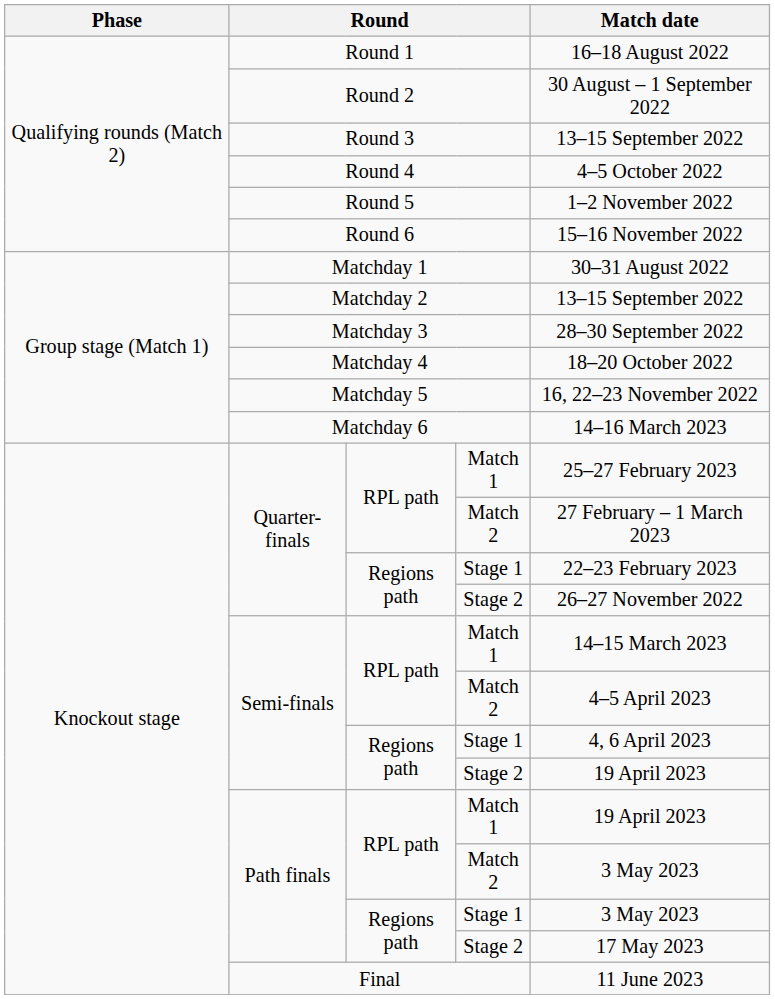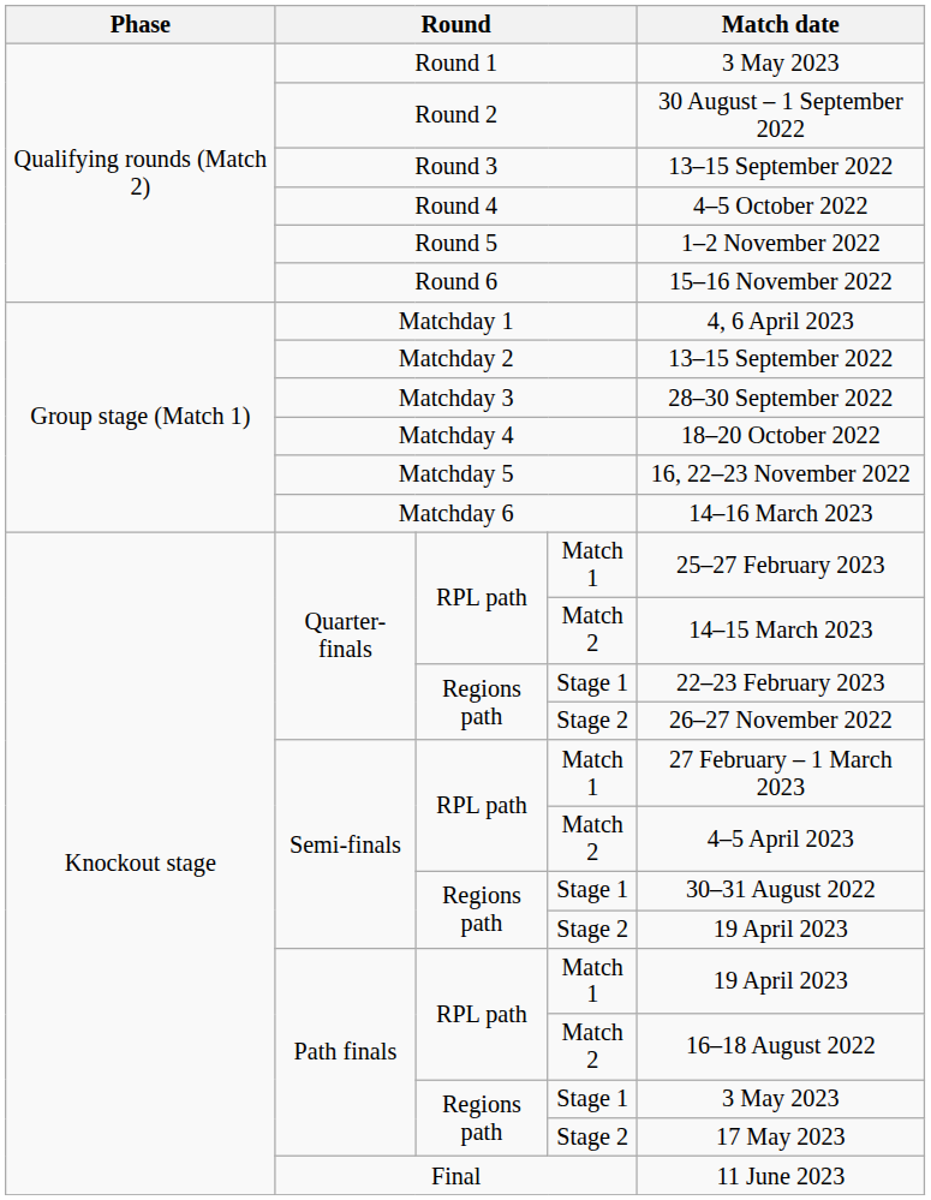 <table class="wikitable" style="text-align:center">
 <tr>
 <th>Phase</th>
 <th colspan=3>Round</th>
 <th>Match date</th>
 </tr>
 <tr>
 <td rowspan=6>Qualifying rounds (Match 2)</td>
 <td colspan=3>Round 1</td>
-<td>16–18 August 2022</td>
+<td>3 May 2023</td>
 </tr>
 <tr>
 <td colspan=3>Round 2</td>
 <td>30 August – 1 September 2022</td>
 </tr>
 <tr>
 <td colspan=3>Round 3</td>
 <td>13–15 September 2022</td>
 </tr>
 <tr>
 <td colspan=3>Round 4</td>
 <td>4–5 October 2022</td>
 </tr>
 <tr>
 <td colspan=3>Round 5</td>
 <td>1–2 November 2022</td>
 </tr>
 <tr>
 <td colspan=3>Round 6</td>
 <td>15–16 November 2022</td>
 </tr>
 <tr>
 <td rowspan=6>Group stage (Match 1)</td>
 <td colspan=3>Matchday 1</td>
-<td>30–31 August 2022</td>
+<td>4, 6 April 2023</td>
 </tr>
 <tr>
 <td colspan=3>Matchday 2</td>
 <td>13–15 September 2022</td>
 </tr>
 <tr>
 <td colspan=3>Matchday 3</td>
 <td>28–30 September 2022</td>
 </tr>
 <tr>
 <td colspan=3>Matchday 4</td>
 <td>18–20 October 2022</td>
 </tr>
 <tr>
 <td colspan=3>Matchday 5</td>
 <td>16, 22–23 November 2022</td>
 </tr>
 <tr>
 <td colspan=3>Matchday 6</td>
 <td>14–16 March 2023</td>
 </tr>
 <tr>
 <td rowspan=13>Knockout stage</td>
 <td rowspan=4>Quarter-finals</td>
 <td rowspan=2>RPL path</td>
 <td>Match 1</td>
 <td>25–27 February 2023</td>
 </tr>
 <tr>
 <td>Match 2</td>
-<td>27 February – 1 March 2023</td>
+<td>14–15 March 2023</td>
 </tr>
 <tr>
 <td rowspan=2>Regions path</td>
 <td>Stage 1</td>
 <td>22–23 February 2023</td>
 </tr>
 <tr>
 <td>Stage 2</td>
 <td>26–27 November 2022</td>
 </tr>
 <tr>
 <td rowspan=4>Semi-finals</td>
 <td rowspan=2>RPL path</td>
 <td>Match 1</td>
-<td>14–15 March 2023</td>
+<td>27 February – 1 March 2023</td>
 </tr>
 <tr>
 <td>Match 2</td>
 <td>4–5 April 2023</td>
 </tr>
 <tr>
 <td rowspan=2>Regions path</td>
 <td>Stage 1</td>
-<td>4, 6 April 2023</td>
+<td>30–31 August 2022</td>
 </tr>
 <tr>
 <td>Stage 2</td>
 <td>19 April 2023</td>
 </tr>
 <tr>
 <td rowspan=4>Path finals</td>
 <td rowspan=2>RPL path</td>
 <td>Match 1</td>
 <td>19 April 2023</td>
 </tr>
 <tr>
 <td>Match 2</td>
-<td>3 May 2023</td>
+<td>16–18 August 2022</td>
 </tr>
 <tr>
 <td rowspan=2>Regions path</td>
 <td>Stage 1</td>
 <td>3 May 2023</td>
 </tr>
 <tr>
 <td>Stage 2</td>
 <td>17 May 2023</td>
 </tr>
 <tr>
 <td colspan=3>Final</td>
 <td>11 June 2023</td>
 </tr>
 <tr>
 </tr>
 </table>
